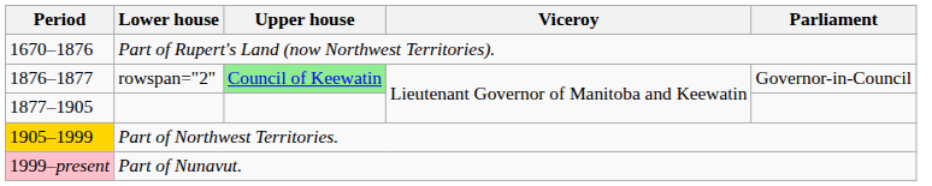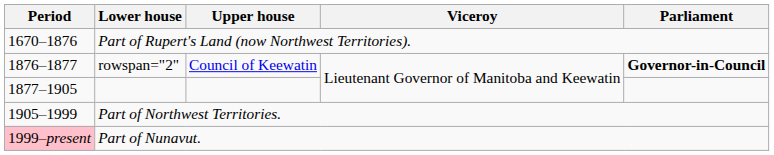 <table class="wikitable">
 <tr>
 <th>Period</th>
 <th>Lower house</th>
 <th>Upper house</th>
 <th>Viceroy</th>
 <th>Parliament</th>
 </tr>
 <tr>
 <td>1670–1876</td>
 <td colspan="4"><em>Part of Rupert's Land (now Northwest Territories).</em></td>
 </tr>
 <tr>
 <td>1876–1877</td>
 <td>rowspan="2" </td>
-<td style="background: lightgreen;"><a href='#'>Council of Keewatin</a></td>
+<td><a href='#'>Council of Keewatin</a></td>
 <td rowspan="2">Lieutenant Governor of Manitoba and Keewatin</td>
-<td>Governor-in-Council</td>
+<td><strong>Governor-in-Council</strong></td>
 </tr>
 <tr>
 <td>1877–1905</td>
 <td></td>
 <td></td>
 </tr>
 <tr>
-<td style="background: gold;">1905–1999</td>
+<td>1905–1999</td>
 <td colspan="4"><em>Part of Northwest Territories.</em></td>
 </tr>
 <tr>
 <td style="background: pink;">1999–<em>present</em></td>
 <td colspan="4"><em>Part of Nunavut.</em></td>
 </tr>
 </table>
